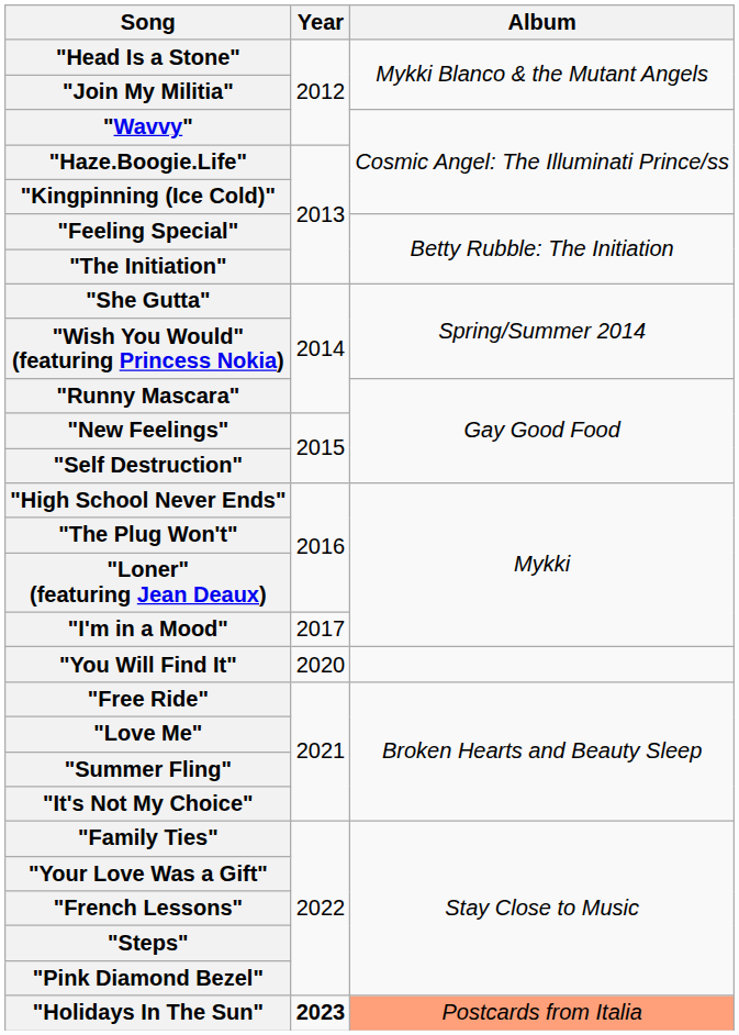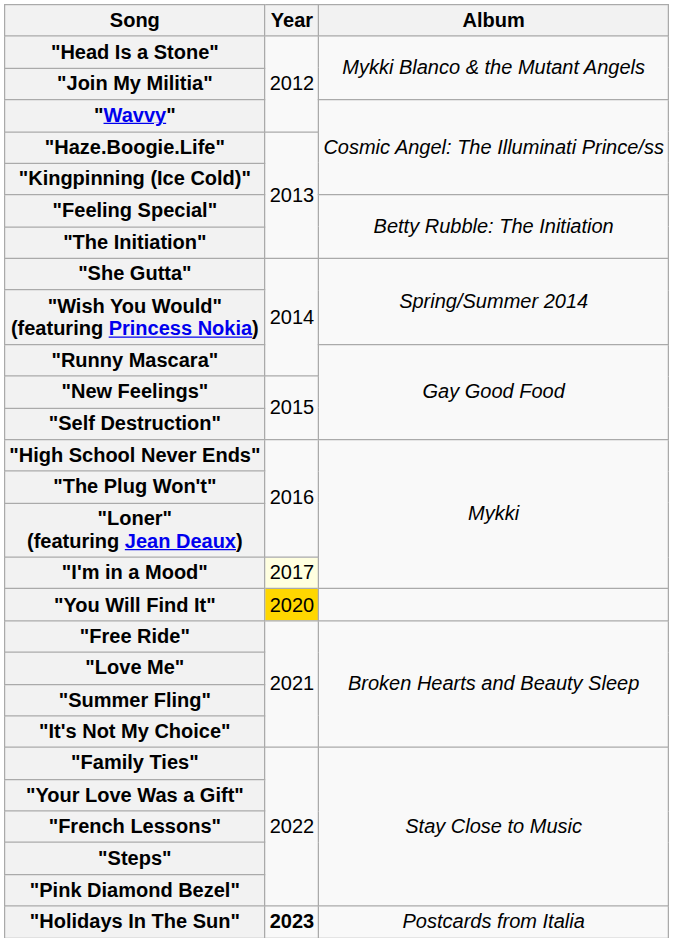 <table class="wikitable plainrowheaders" style="text-align:center;">
 <tr>
 <th>Song</th>
 <th>Year</th>
 <th>Album</th>
 </tr>
 <tr>
 <th scope="row">"Head Is a Stone"</th>
 <td rowspan="3">2012</td>
 <td rowspan="2"><em>Mykki Blanco & the Mutant Angels</em></td>
 </tr>
 <tr>
 <th scope="row">"Join My Militia"</th>
 </tr>
 <tr>
 <th scope="row">"<a href='#'>Wavvy</a>"</th>
 <td rowspan="3"><em>Cosmic Angel: The Illuminati Prince/ss</em></td>
 </tr>
 <tr>
 <th scope="row">"Haze.Boogie.Life"</th>
 <td rowspan="4">2013</td>
 </tr>
 <tr>
 <th scope="row">"Kingpinning (Ice Cold)"</th>
 </tr>
 <tr>
 <th scope="row">"Feeling Special"</th>
 <td rowspan="2"><em>Betty Rubble: The Initiation</em></td>
 </tr>
 <tr>
 <th scope="row">"The Initiation"</th>
 </tr>
 <tr>
 <th scope="row">"She Gutta"</th>
 <td rowspan="3">2014</td>
 <td rowspan="2"><em>Spring/Summer 2014</em></td>
 </tr>
 <tr>
 <th scope="row">"Wish You Would"<br><span>(featuring <a href='#'>Princess Nokia</a>)</span></th>
 </tr>
 <tr>
 <th scope="row">"Runny Mascara"</th>
 <td rowspan="3"><em>Gay Good Food</em></td>
 </tr>
 <tr>
 <th scope="row">"New Feelings"</th>
 <td rowspan="2">2015</td>
 </tr>
 <tr>
 <th scope="row">"Self Destruction"</th>
 </tr>
 <tr>
 <th scope="row">"High School Never Ends"</th>
 <td rowspan="3">2016</td>
 <td rowspan="4"><em>Mykki</em></td>
 </tr>
 <tr>
 <th scope="row">"The Plug Won't"</th>
 </tr>
 <tr>
 <th scope="row">"Loner"<br><span>(featuring <a href='#'>Jean Deaux</a>)</span></th>
 </tr>
 <tr>
 <th scope="row">"I'm in a Mood"</th>
-<td>2017</td>
+<td style="background: lightyellow;">2017</td>
 </tr>
 <tr>
 <th scope="row">"You Will Find It"<br></th>
-<td>2020</td>
+<td style="background: gold;">2020</td>
 <td></td>
 </tr>
 <tr>
 <th scope="row">"Free Ride"</th>
 <td rowspan="4">2021</td>
 <td rowspan="4"><em>Broken Hearts and Beauty Sleep</em></td>
 </tr>
 <tr>
 <th scope="row">"Love Me"<br></th>
 </tr>
 <tr>
 <th scope="row">"Summer Fling"<br></th>
 </tr>
 <tr>
 <th scope="row">"It's Not My Choice"<br></th>
 </tr>
 <tr>
 <th scope="row">"Family Ties"<br></th>
 <td rowspan="5">2022</td>
 <td rowspan="5"><em>Stay Close to Music</em></td>
 </tr>
 <tr>
 <th scope="row">"Your Love Was a Gift"<br></th>
 </tr>
 <tr>
 <th scope="row">"French Lessons"<br></th>
 </tr>
 <tr>
 <th scope="row">"Steps"<br></th>
 </tr>
 <tr>
 <th scope="row">"Pink Diamond Bezel"</th>
 </tr>
 <tr>
 <th scope="row">"Holidays In The Sun"</th>
 <td><strong>2023</strong></td>
-<td style="background: lightsalmon;"><em>Postcards from Italia</em></td>
+<td><em>Postcards from Italia</em></td>
 </tr>
 </table>
